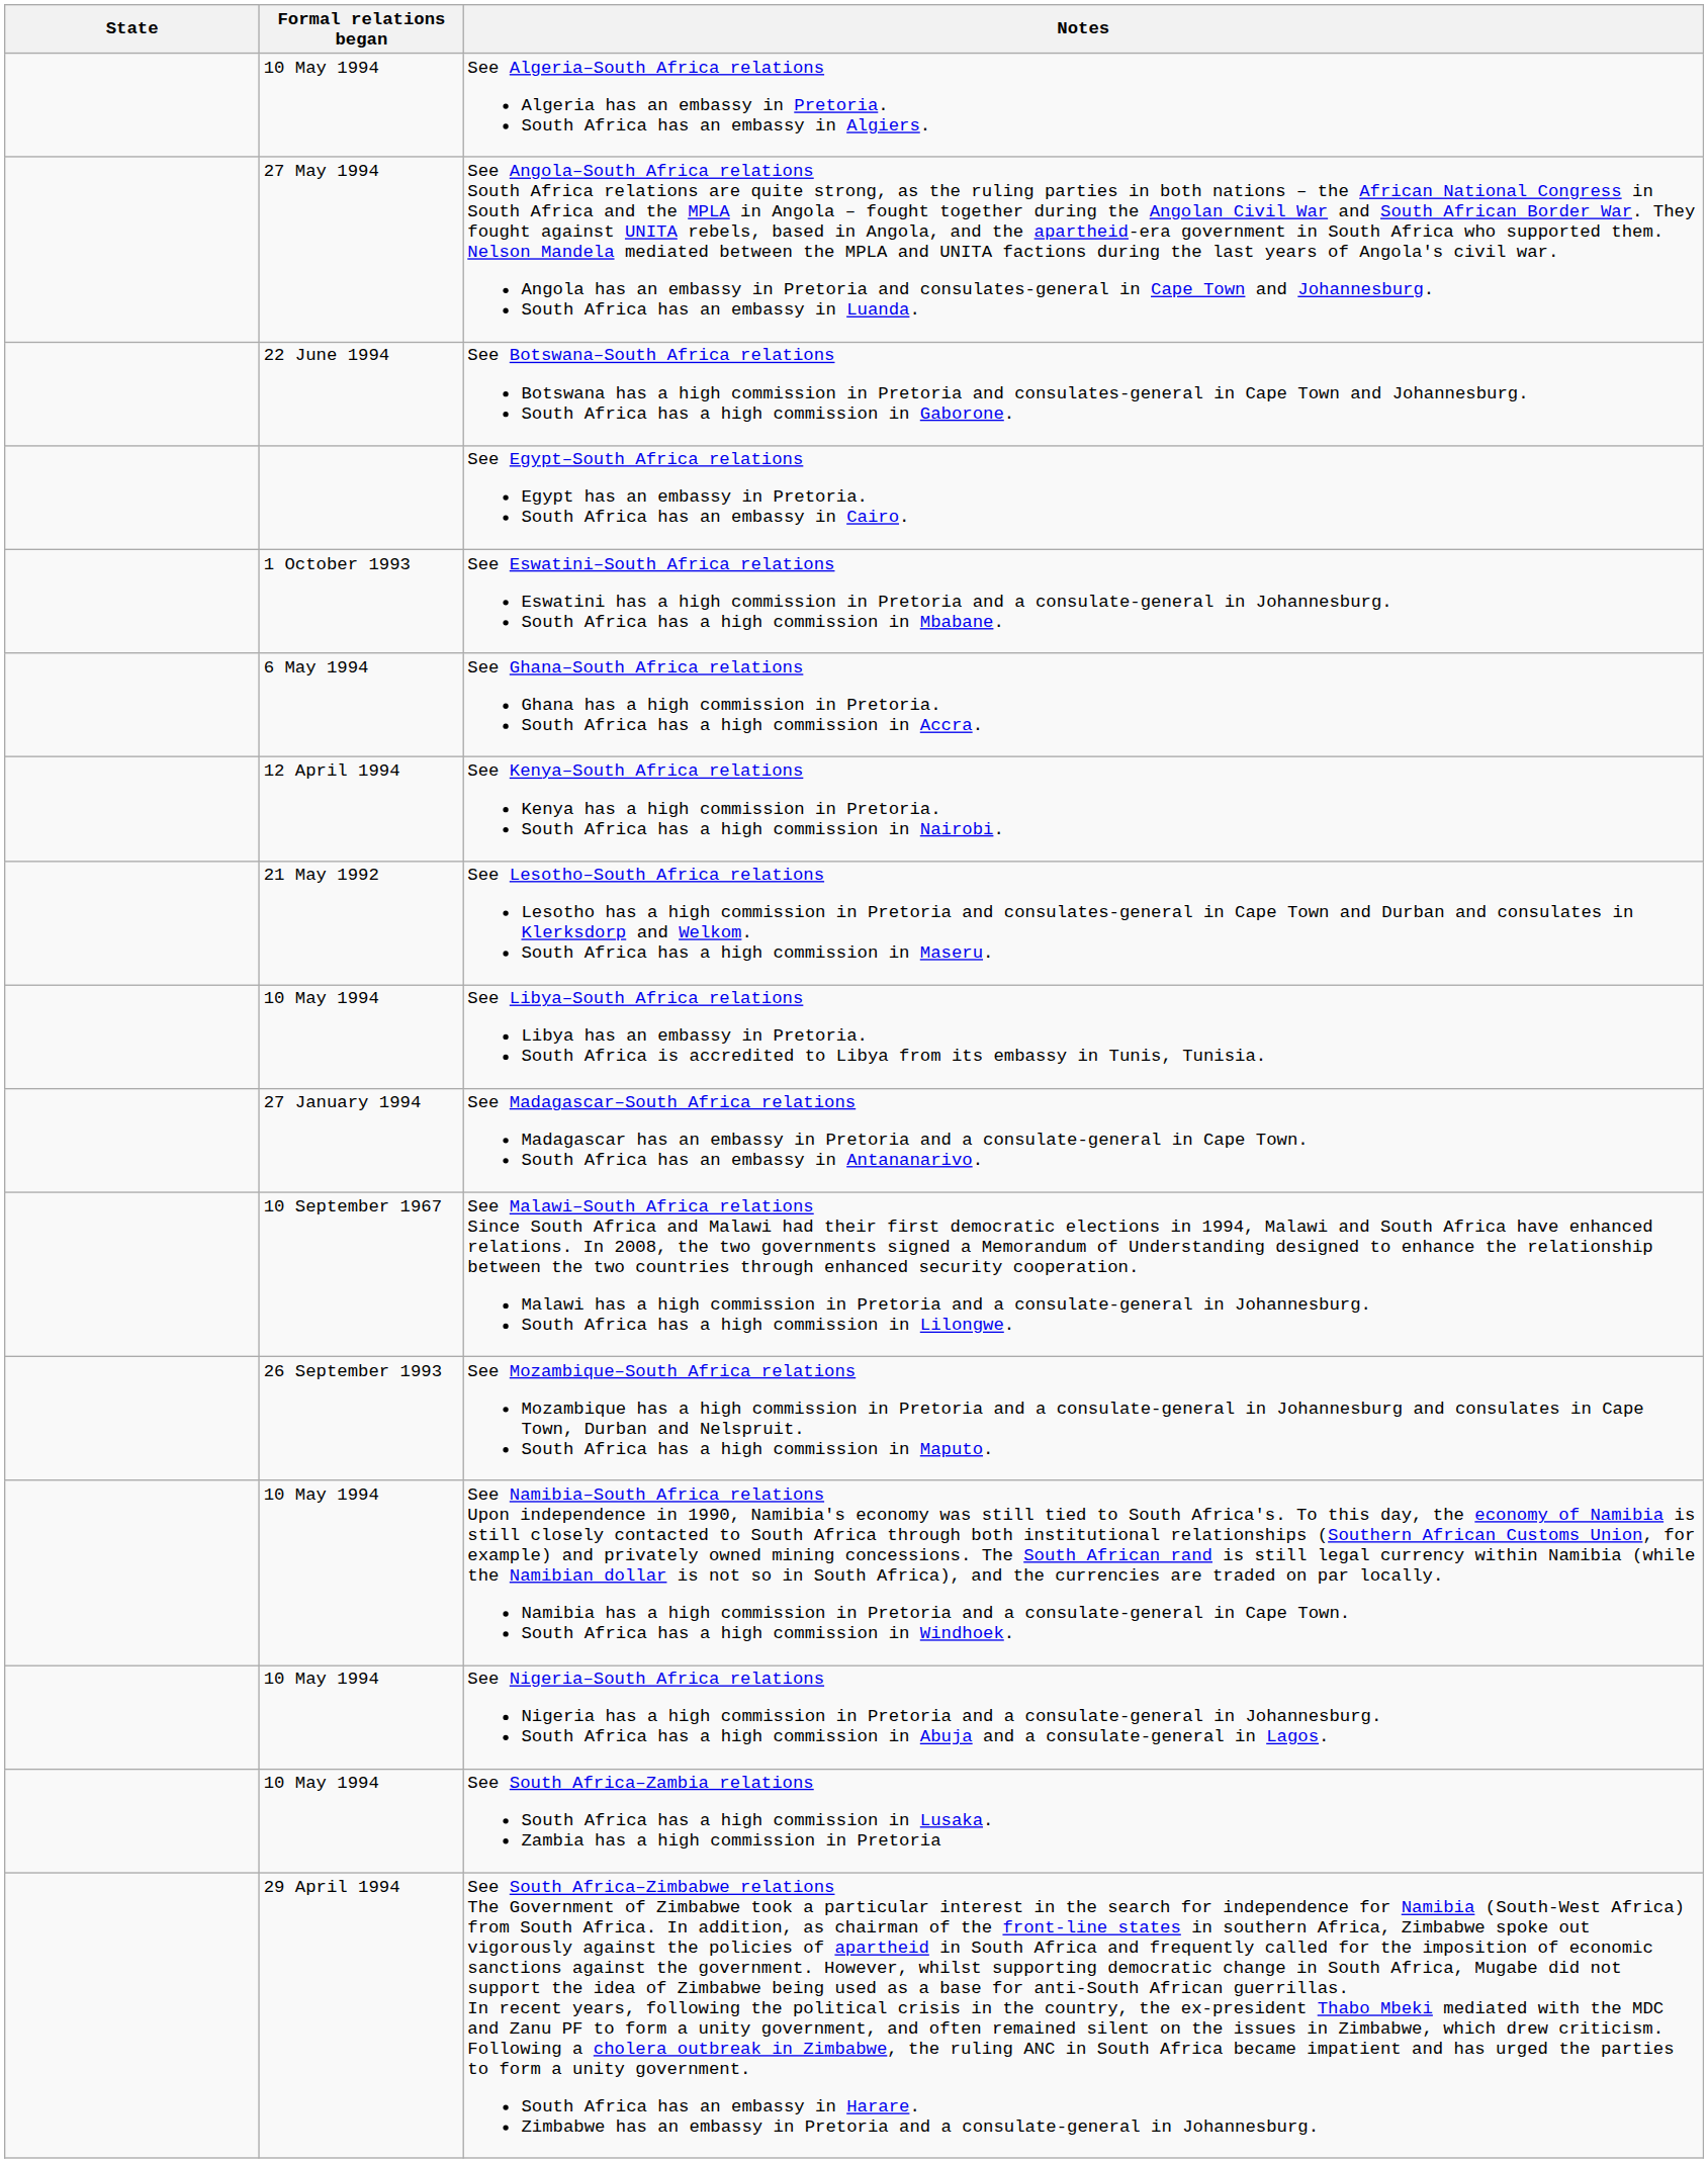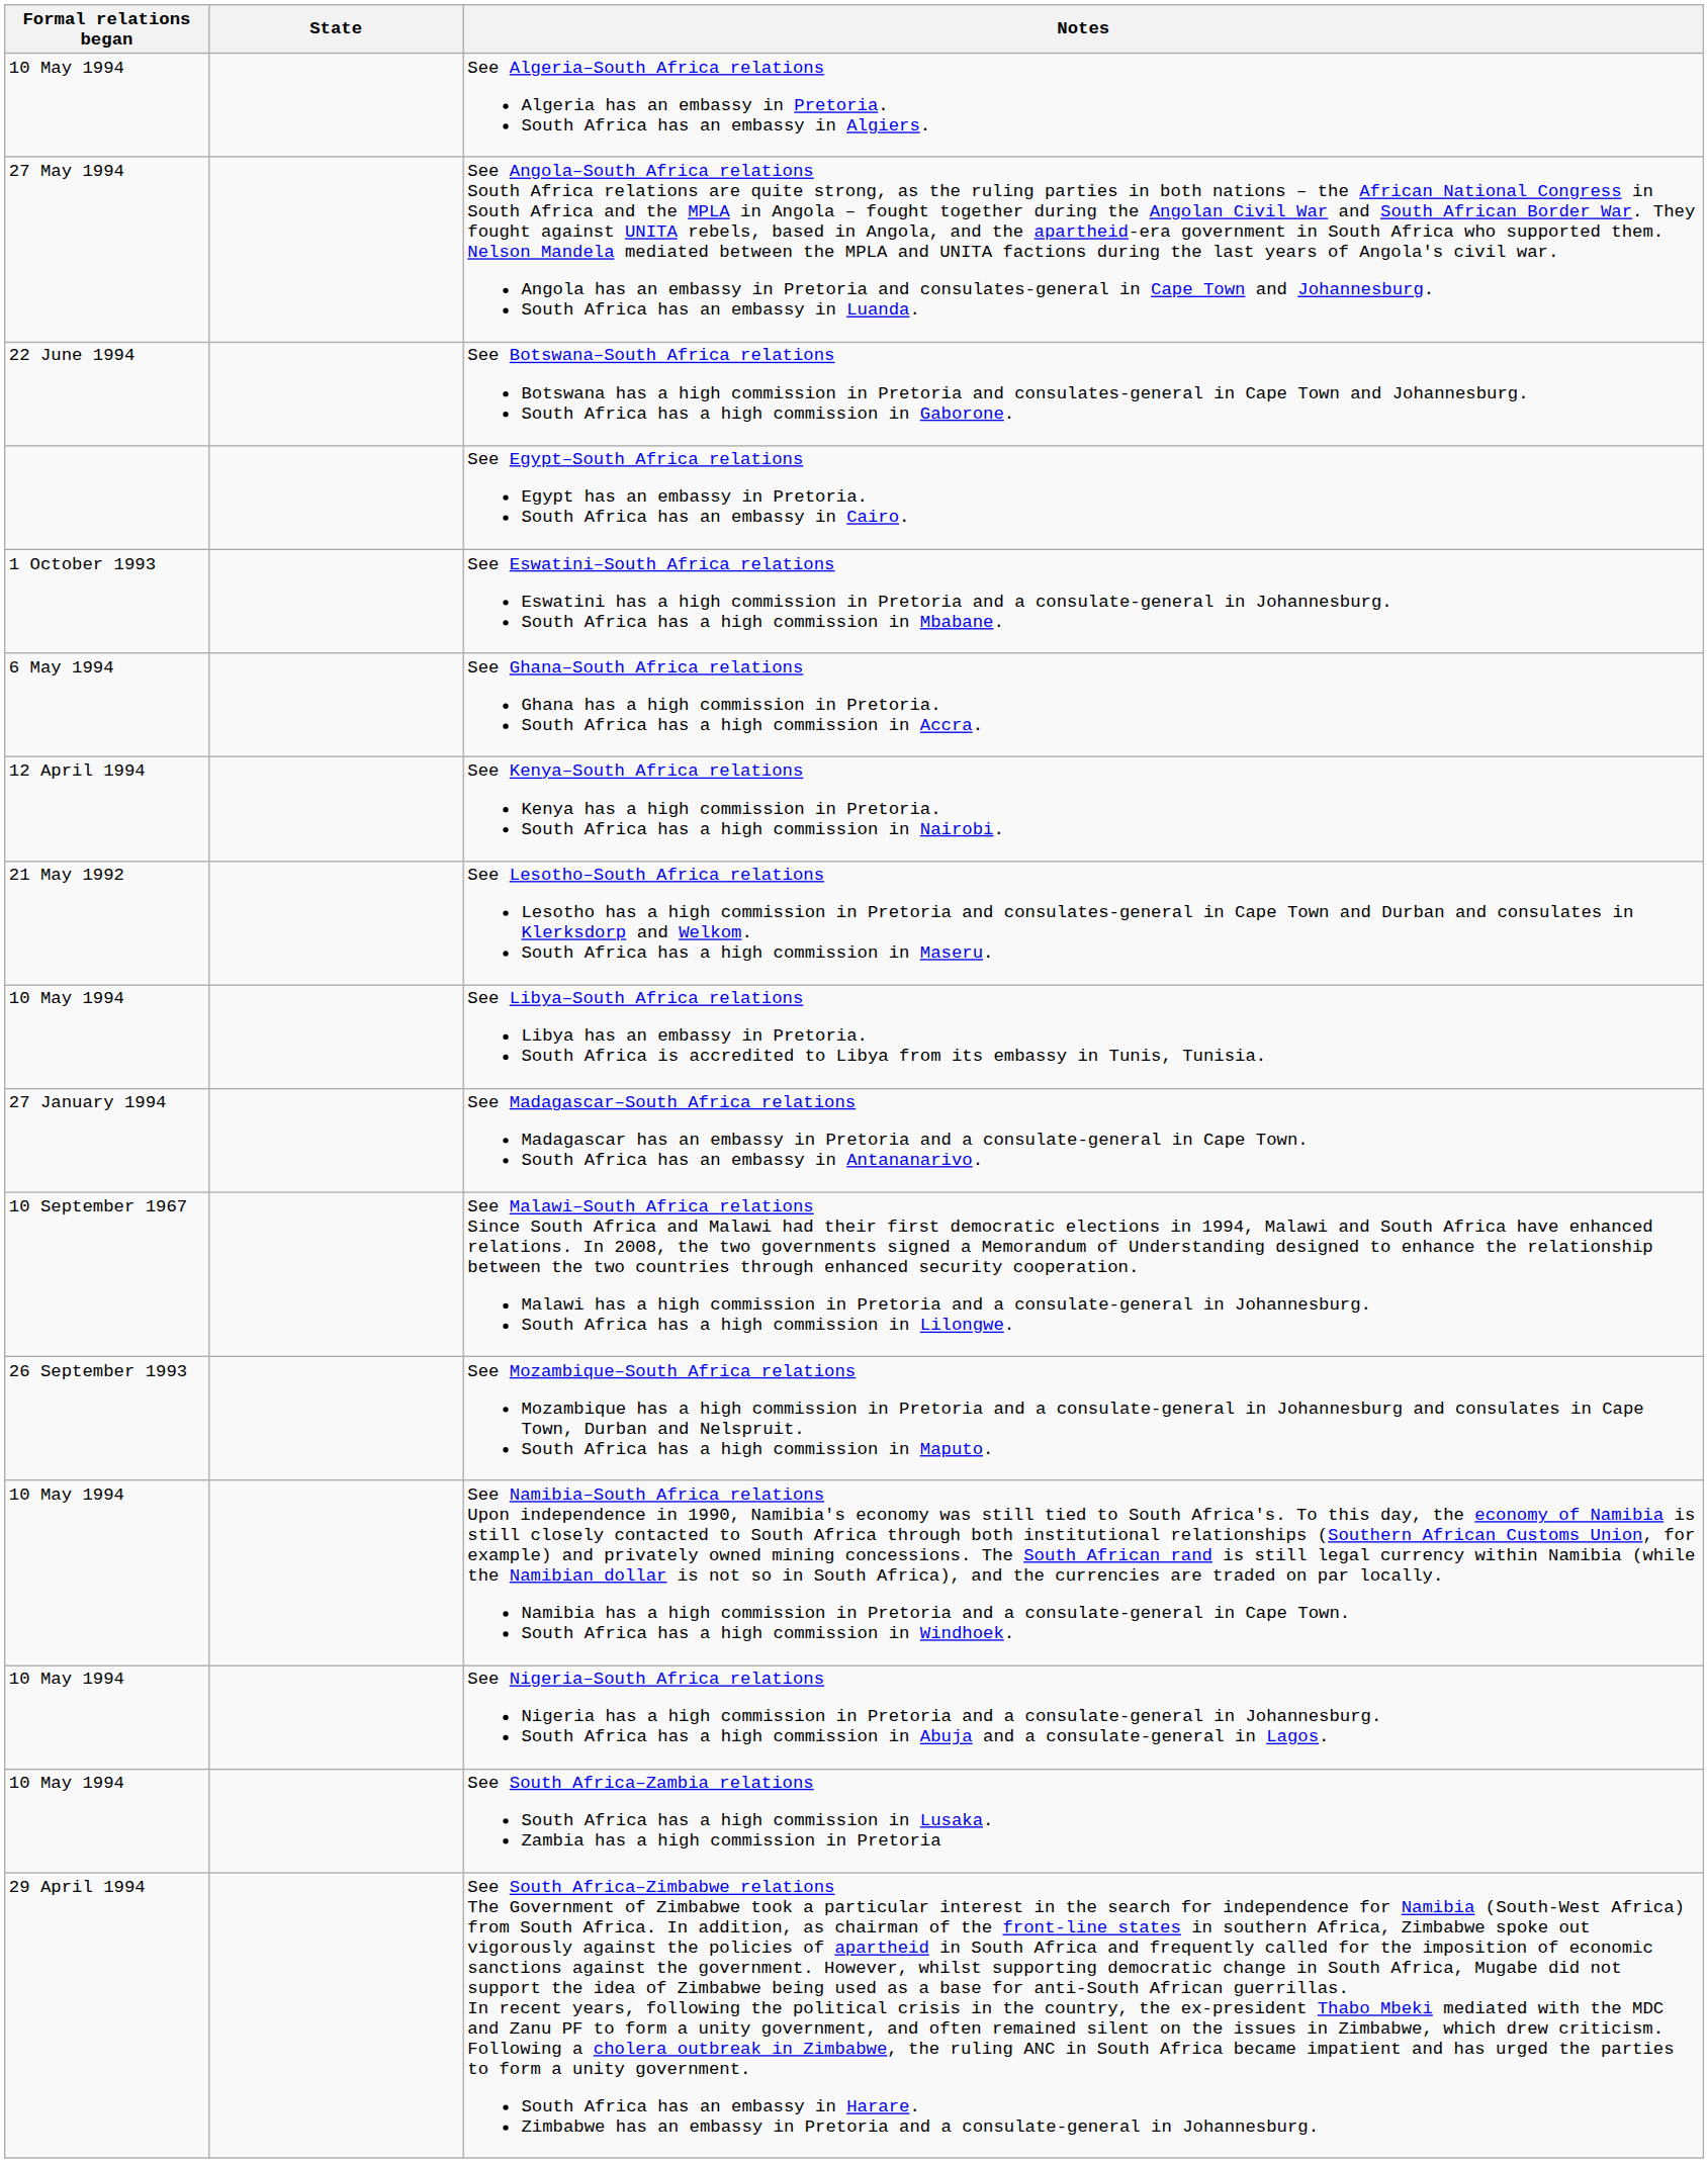 <table class="wikitable sortable" style="width:100%; margin:auto;">
 <tr>
+<th style="width:12%;">Formal relations began</th>
 <th style="width:15%;">State</th>
-<th style="width:12%;">Formal relations began</th>
 <th>Notes</th>
 </tr>
 <tr valign="top">
+<td>10 May 1994</td>
 <td></td>
-<td>10 May 1994</td>
 <td>See <a href='#'>Algeria–South Africa relations</a><br><ul><li>Algeria has an embassy in <a href='#'>Pretoria</a>.</li><li>South Africa has an embassy in <a href='#'>Algiers</a>.</li></ul></td>
 </tr>
 <tr valign="top">
+<td>27 May 1994</td>
 <td></td>
-<td>27 May 1994</td>
 <td>See <a href='#'>Angola–South Africa relations</a><br>South Africa relations are quite strong, as the ruling parties in both nations – the <a href='#'>African National Congress</a> in South Africa and the <a href='#'>MPLA</a> in Angola – fought together during the <a href='#'>Angolan Civil War</a> and <a href='#'>South African Border War</a>. They fought against <a href='#'>UNITA</a> rebels, based in Angola, and the <a href='#'>apartheid</a>-era government in South Africa who supported them. <a href='#'>Nelson Mandela</a> mediated between the MPLA and UNITA factions during the last years of Angola's civil war.<ul><li>Angola has an embassy in Pretoria and consulates-general in <a href='#'>Cape Town</a> and <a href='#'>Johannesburg</a>.</li><li>South Africa has an embassy in <a href='#'>Luanda</a>.</li></ul></td>
 </tr>
 <tr valign="top">
+<td>22 June 1994</td>
 <td></td>
-<td>22 June 1994</td>
 <td>See <a href='#'>Botswana–South Africa relations</a><br><ul><li>Botswana has a high commission in Pretoria and consulates-general in Cape Town and Johannesburg.</li><li>South Africa has a high commission in <a href='#'>Gaborone</a>.</li></ul></td>
 </tr>
 <tr valign="top">
 <td></td>
 <td></td>
 <td>See <a href='#'>Egypt–South Africa relations</a><br><ul><li>Egypt has an embassy in Pretoria.</li><li>South Africa has an embassy in <a href='#'>Cairo</a>.</li></ul></td>
 </tr>
 <tr valign="top">
+<td>1 October 1993</td>
 <td></td>
-<td>1 October 1993</td>
 <td>See <a href='#'>Eswatini–South Africa relations</a><br><ul><li>Eswatini has a high commission in Pretoria and a consulate-general in Johannesburg.</li><li>South Africa has a high commission in <a href='#'>Mbabane</a>.</li></ul></td>
 </tr>
 <tr valign="top">
+<td>6 May 1994</td>
 <td></td>
-<td>6 May 1994</td>
 <td>See <a href='#'>Ghana–South Africa relations</a><br><ul><li>Ghana has a high commission in Pretoria.</li><li>South Africa has a high commission in <a href='#'>Accra</a>.</li></ul></td>
 </tr>
 <tr valign="top">
+<td>12 April 1994</td>
 <td></td>
-<td>12 April 1994</td>
 <td>See <a href='#'>Kenya–South Africa relations</a><br><ul><li>Kenya has a high commission in Pretoria.</li><li>South Africa has a high commission in <a href='#'>Nairobi</a>.</li></ul></td>
 </tr>
 <tr valign="top">
+<td>21 May 1992</td>
 <td></td>
-<td>21 May 1992</td>
 <td>See <a href='#'>Lesotho–South Africa relations</a><br><ul><li>Lesotho has a high commission in Pretoria and consulates-general in Cape Town and Durban and consulates in <a href='#'>Klerksdorp</a> and <a href='#'>Welkom</a>.</li><li>South Africa has a high commission in <a href='#'>Maseru</a>.</li></ul></td>
 </tr>
 <tr valign="top">
+<td>10 May 1994</td>
 <td></td>
-<td>10 May 1994</td>
 <td>See <a href='#'>Libya–South Africa relations</a><br><ul><li>Libya has an embassy in Pretoria.</li><li>South Africa is accredited to Libya from its embassy in Tunis, Tunisia.</li></ul></td>
 </tr>
 <tr valign="top">
+<td>27 January 1994</td>
 <td></td>
-<td>27 January 1994</td>
 <td>See <a href='#'>Madagascar–South Africa relations</a><br><ul><li>Madagascar has an embassy in Pretoria and a consulate-general in Cape Town.</li><li>South Africa has an embassy in <a href='#'>Antananarivo</a>.</li></ul></td>
 </tr>
 <tr valign="top">
+<td>10 September 1967</td>
 <td></td>
-<td>10 September 1967</td>
 <td>See <a href='#'>Malawi–South Africa relations</a><br>Since South Africa and Malawi had their first democratic elections in 1994, Malawi and South Africa have enhanced relations. In 2008, the two governments signed a Memorandum of Understanding designed to enhance the relationship between the two countries through enhanced security cooperation.<ul><li>Malawi has a high commission in Pretoria and a consulate-general in Johannesburg.</li><li>South Africa has a high commission in <a href='#'>Lilongwe</a>.</li></ul></td>
 </tr>
 <tr valign="top">
+<td>26 September 1993</td>
 <td></td>
-<td>26 September 1993</td>
 <td>See <a href='#'>Mozambique–South Africa relations</a><br><ul><li>Mozambique has a high commission in Pretoria and a consulate-general in Johannesburg and consulates in Cape Town, Durban and Nelspruit.</li><li>South Africa has a high commission in <a href='#'>Maputo</a>.</li></ul></td>
 </tr>
 <tr valign="top">
+<td>10 May 1994</td>
 <td></td>
-<td>10 May 1994</td>
 <td>See <a href='#'>Namibia–South Africa relations</a><br>Upon independence in 1990, Namibia's economy was still tied to South Africa's. To this day, the <a href='#'>economy of Namibia</a> is still closely contacted to South Africa through both institutional relationships (<a href='#'>Southern African Customs Union</a>, for example) and privately owned mining concessions. The <a href='#'>South African rand</a> is still legal currency within Namibia (while the <a href='#'>Namibian dollar</a> is not so in South Africa), and the currencies are traded on par locally.<ul><li>Namibia has a high commission in Pretoria and a consulate-general in Cape Town.</li><li>South Africa has a high commission in <a href='#'>Windhoek</a>.</li></ul></td>
 </tr>
 <tr valign="top">
+<td>10 May 1994</td>
 <td></td>
-<td>10 May 1994</td>
 <td>See <a href='#'>Nigeria–South Africa relations</a><br><ul><li>Nigeria has a high commission in Pretoria and a consulate-general in Johannesburg.</li><li>South Africa has a high commission in <a href='#'>Abuja</a> and a consulate-general in <a href='#'>Lagos</a>.</li></ul></td>
 </tr>
 <tr valign="top">
+<td>10 May 1994</td>
 <td></td>
-<td>10 May 1994</td>
 <td>See <a href='#'>South Africa–Zambia relations</a><br><ul><li>South Africa has a high commission in <a href='#'>Lusaka</a>.</li><li>Zambia has a high commission in Pretoria</li></ul></td>
 </tr>
 <tr valign="top">
+<td>29 April 1994</td>
 <td></td>
-<td>29 April 1994</td>
 <td>See <a href='#'>South Africa–Zimbabwe relations</a><br>The Government of Zimbabwe took a particular interest in the search for independence for <a href='#'>Namibia</a> (South-West Africa) from South Africa. In addition, as chairman of the <a href='#'>front-line states</a> in southern Africa, Zimbabwe spoke out vigorously against the policies of <a href='#'>apartheid</a> in South Africa and frequently called for the imposition of economic sanctions against the government. However, whilst supporting democratic change in South Africa, Mugabe did not support the idea of Zimbabwe being used as a base for anti-South African guerrillas.<br>In recent years, following the political crisis in the country, the ex-president <a href='#'>Thabo Mbeki</a> mediated with the MDC and Zanu PF to form a unity government, and often remained silent on the issues in Zimbabwe, which drew criticism. Following a <a href='#'>cholera outbreak in Zimbabwe</a>, the ruling ANC in South Africa became impatient and has urged the parties to form a unity government.<ul><li>South Africa has an embassy in <a href='#'>Harare</a>.</li><li>Zimbabwe has an embassy in Pretoria and a consulate-general in Johannesburg.</li></ul></td>
 </tr>
 </table>
